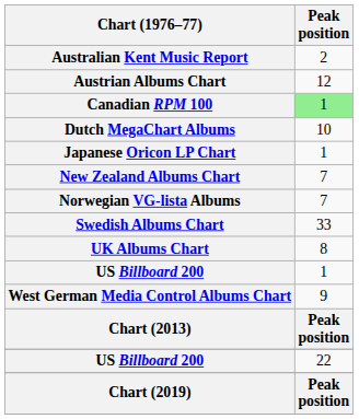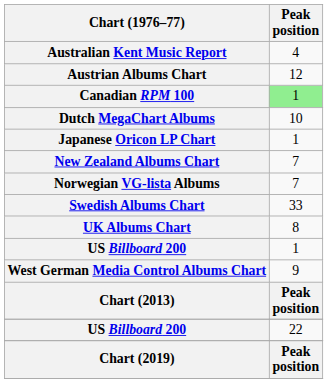 <table class="wikitable sortable plainrowheaders" style="text-align:center">
 <tr>
 <th scope="col">Chart (1976–77)</th>
 <th scope="col">Peak<br>position</th>
 </tr>
 <tr>
 <th scope="row">Australian <a href='#'>Kent Music Report</a></th>
-<td>2</td>
+<td>4</td>
 </tr>
 <tr>
 <th scope="row">Austrian Albums Chart</th>
 <td>12</td>
 </tr>
 <tr>
 <th scope="row">Canadian <a href='#'><em>RPM</em> 100</a></th>
 <td style="background: lightgreen;">1</td>
 </tr>
 <tr>
 <th scope="row">Dutch <a href='#'>MegaChart Albums</a></th>
 <td>10</td>
 </tr>
 <tr>
 <th scope="row">Japanese <a href='#'>Oricon LP Chart</a></th>
 <td>1</td>
 </tr>
 <tr>
 <th scope="row"><a href='#'>New Zealand Albums Chart</a></th>
 <td>7</td>
 </tr>
 <tr>
 <th scope="row">Norwegian <a href='#'>VG-lista</a> Albums</th>
 <td>7</td>
 </tr>
 <tr>
 <th scope="row"><a href='#'>Swedish Albums Chart</a></th>
 <td>33</td>
 </tr>
 <tr>
 <th scope="row"><a href='#'>UK Albums Chart</a></th>
 <td>8</td>
 </tr>
 <tr>
 <th scope="row">US <a href='#'><em>Billboard</em> 200</a></th>
 <td>1</td>
 </tr>
 <tr>
 <th scope="row">West German <a href='#'>Media Control Albums Chart</a></th>
 <td>9</td>
 </tr>
 <tr>
 <th scope="col">Chart (2013)</th>
 <th scope="col">Peak<br>position</th>
 </tr>
 <tr>
 </tr>
 <tr>
 </tr>
 <tr>
 </tr>
 <tr>
 </tr>
 <tr>
 </tr>
 <tr>
 </tr>
 <tr>
 </tr>
 <tr>
 </tr>
 <tr>
 <th scope="row">US <a href='#'><em>Billboard</em> 200</a></th>
 <td>22</td>
 </tr>
 <tr>
 </tr>
 <tr>
 </tr>
 <tr>
 <th scope="col">Chart (2019)</th>
 <th scope="col">Peak<br>position</th>
 </tr>
 <tr>
 </tr>
 <tr>
 </tr>
 </table>
